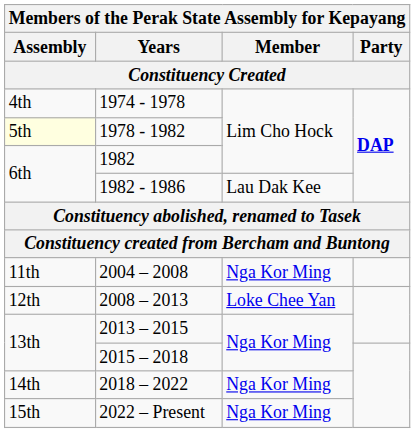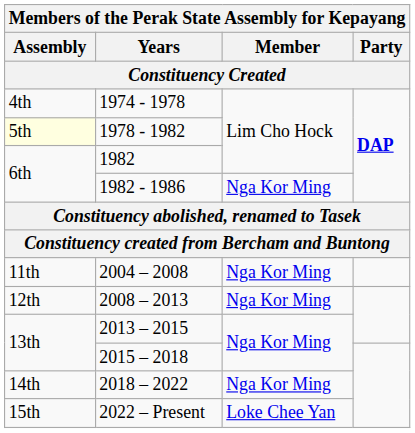 <table class="wikitable">
 <tr>
 <th colspan=4>Members of the Perak State Assembly for Kepayang</th>
 </tr>
 <tr>
 <th>Assembly</th>
 <th>Years</th>
 <th>Member</th>
 <th>Party</th>
 </tr>
 <tr>
 <th colspan="4"><em>Constituency Created</em></th>
 </tr>
 <tr>
 <td>4th</td>
 <td>1974 - 1978</td>
 <td rowspan="3">Lim Cho Hock</td>
 <td rowspan="4"><strong><a href='#'>DAP</a></strong></td>
 </tr>
 <tr>
 <td style="background: lightyellow;">5th</td>
 <td>1978 - 1982</td>
 </tr>
 <tr>
 <td rowspan="2">6th</td>
 <td>1982</td>
 </tr>
 <tr>
 <td>1982 - 1986</td>
-<td>Lau Dak Kee</td>
+<td><a href='#'>Nga Kor Ming</a></td>
 </tr>
 <tr>
 <th colspan="4"><em>Constituency abolished, renamed to Tasek</em></th>
 </tr>
 <tr>
 <th colspan="4"><em>Constituency created from Bercham and Buntong</em></th>
 </tr>
 <tr>
 <td>11th</td>
 <td>2004 – 2008</td>
 <td><a href='#'>Nga Kor Ming</a></td>
 <td></td>
 </tr>
 <tr>
 <td>12th</td>
 <td>2008 – 2013</td>
-<td><a href='#'>Loke Chee Yan</a></td>
+<td><a href='#'>Nga Kor Ming</a></td>
 <td rowspan=2></td>
 </tr>
 <tr>
 <td rowspan=2>13th</td>
 <td>2013 – 2015</td>
 <td rowspan=2><a href='#'>Nga Kor Ming</a></td>
 </tr>
 <tr>
 <td>2015 – 2018</td>
 <td rowspan=3></td>
 </tr>
 <tr>
 <td>14th</td>
 <td>2018 – 2022</td>
 <td><a href='#'>Nga Kor Ming</a></td>
 </tr>
 <tr>
 <td>15th</td>
 <td>2022 – Present</td>
-<td><a href='#'>Nga Kor Ming</a></td>
+<td><a href='#'>Loke Chee Yan</a></td>
 </tr>
 </table>
